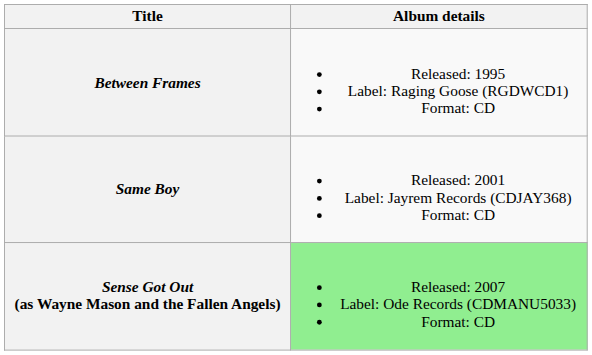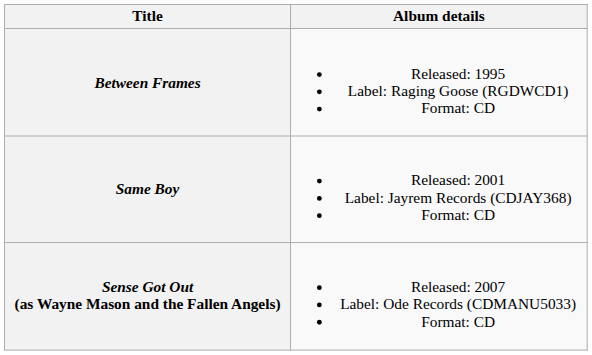 <table class="wikitable plainrowheaders" style="text-align:center;" border="1">
 <tr>
 <th scope="col" rowspan="1" style="width:20em;">Title</th>
 <th scope="col" rowspan="1" style="width:20em;">Album details</th>
 </tr>
 <tr>
 <th scope="row"><em>Between Frames</em></th>
 <td><br><ul><li>Released: 1995</li><li>Label: Raging Goose (RGDWCD1)</li><li>Format: CD</li></ul></td>
 </tr>
 <tr>
 <th scope="row"><em>Same Boy</em></th>
 <td><br><ul><li>Released: 2001</li><li>Label: Jayrem Records (CDJAY368)</li><li>Format: CD</li></ul></td>
 </tr>
 <tr>
 <th scope="row"><em>Sense Got Out</em> <br> (as Wayne Mason and the Fallen Angels)</th>
-<td style="background: lightgreen;"><br><ul><li>Released: 2007</li><li>Label: Ode Records (CDMANU5033)</li><li>Format: CD</li></ul></td>
+<td><br><ul><li>Released: 2007</li><li>Label: Ode Records (CDMANU5033)</li><li>Format: CD</li></ul></td>
 </tr>
 </table>
